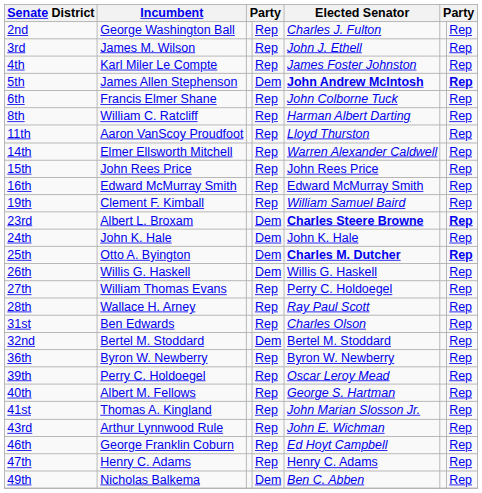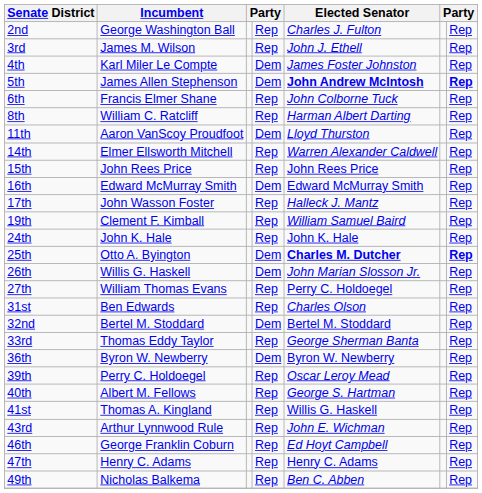 <table class="sortable wikitable" style="font-size:95%;line-height:14px;">
 <tr>
 <th class="unsortable"><a href='#'>Senate</a> District</th>
 <th class="unsortable"><a href='#'>Incumbent</a></th>
 <th colspan="2">Party</th>
 <th class="unsortable">Elected Senator</th>
 <th colspan="2">Party</th>
 </tr>
 <tr>
 <td><a href='#'>2nd</a></td>
 <td><a href='#'>George Washington Ball</a></td>
 <td style="background:"></td>
 <td><a href='#'>Rep</a></td>
 <td><em><a href='#'>Charles J. Fulton</a></em></td>
 <td style="background:"></td>
 <td><a href='#'>Rep</a></td>
 </tr>
 <tr>
 <td><a href='#'>3rd</a></td>
 <td><a href='#'>James M. Wilson</a></td>
 <td style="background:"></td>
 <td><a href='#'>Rep</a></td>
 <td><em><a href='#'>John J. Ethell</a></em></td>
 <td style="background:"></td>
 <td><a href='#'>Rep</a></td>
 </tr>
 <tr>
 <td><a href='#'>4th</a></td>
 <td><a href='#'>Karl Miler Le Compte</a></td>
 <td style="background:"></td>
-<td><a href='#'>Rep</a></td>
+<td><a href='#'>Dem</a></td>
 <td><em><a href='#'>James Foster Johnston</a></em></td>
 <td style="background:"></td>
 <td><a href='#'>Rep</a></td>
 </tr>
 <tr>
 <td><a href='#'>5th</a></td>
 <td><a href='#'>James Allen Stephenson</a></td>
 <td style="background:"></td>
 <td><a href='#'>Dem</a></td>
 <td><strong><a href='#'>John Andrew McIntosh</a></strong></td>
 <td style="background:"></td>
 <td><strong><a href='#'>Rep</a></strong></td>
 </tr>
 <tr>
 <td><a href='#'>6th</a></td>
 <td><a href='#'>Francis Elmer Shane</a></td>
 <td style="background:"></td>
 <td><a href='#'>Rep</a></td>
 <td><em><a href='#'>John Colborne Tuck</a></em></td>
 <td style="background:"></td>
 <td><a href='#'>Rep</a></td>
 </tr>
 <tr>
 <td><a href='#'>8th</a></td>
 <td><a href='#'>William C. Ratcliff</a></td>
 <td style="background:"></td>
 <td><a href='#'>Rep</a></td>
 <td><em><a href='#'>Harman Albert Darting</a></em></td>
 <td style="background:"></td>
 <td><a href='#'>Rep</a></td>
 </tr>
 <tr>
 <td><a href='#'>11th</a></td>
 <td><a href='#'>Aaron VanScoy Proudfoot</a></td>
 <td style="background:"></td>
-<td><a href='#'>Rep</a></td>
+<td><a href='#'>Dem</a></td>
 <td><em><a href='#'>Lloyd Thurston</a></em></td>
 <td style="background:"></td>
 <td><a href='#'>Rep</a></td>
 </tr>
 <tr>
 <td><a href='#'>14th</a></td>
 <td><a href='#'>Elmer Ellsworth Mitchell</a></td>
 <td style="background:"></td>
 <td><a href='#'>Rep</a></td>
 <td><em><a href='#'>Warren Alexander Caldwell</a></em></td>
 <td style="background:"></td>
 <td><a href='#'>Rep</a></td>
 </tr>
 <tr>
 <td><a href='#'>15th</a></td>
 <td><a href='#'>John Rees Price</a></td>
 <td style="background:"></td>
 <td><a href='#'>Rep</a></td>
 <td><a href='#'>John Rees Price</a></td>
 <td style="background:"></td>
 <td><a href='#'>Rep</a></td>
 </tr>
 <tr>
 <td><a href='#'>16th</a></td>
 <td><a href='#'>Edward McMurray Smith</a></td>
 <td style="background:"></td>
+<td><a href='#'>Dem</a></td>
+<td><a href='#'>Edward McMurray Smith</a></td>
+<td style="background:"></td>
 <td><a href='#'>Rep</a></td>
-<td><a href='#'>Edward McMurray Smith</a></td>
+</tr>
+<tr>
+<td><a href='#'>17th</a></td>
+<td><a href='#'>John Wasson Foster</a></td>
+<td style="background:"></td>
+<td><a href='#'>Rep</a></td>
+<td><em><a href='#'>Halleck J. Mantz</a></em></td>
 <td style="background:"></td>
 <td><a href='#'>Rep</a></td>
 </tr>
 <tr>
 <td><a href='#'>19th</a></td>
 <td><a href='#'>Clement F. Kimball</a></td>
 <td style="background:"></td>
 <td><a href='#'>Rep</a></td>
 <td><em><a href='#'>William Samuel Baird</a></em></td>
 <td style="background:"></td>
 <td><a href='#'>Rep</a></td>
 </tr>
 <tr>
-<td><a href='#'>23rd</a></td>
-<td><a href='#'>Albert L. Broxam</a></td>
-<td style="background:"></td>
-<td><a href='#'>Dem</a></td>
-<td><strong><a href='#'>Charles Steere Browne</a></strong></td>
-<td style="background:"></td>
-<td><strong><a href='#'>Rep</a></strong></td>
-</tr>
-<tr>
 <td><a href='#'>24th</a></td>
 <td><a href='#'>John K. Hale</a></td>
 <td style="background:"></td>
-<td><a href='#'>Dem</a></td>
+<td><a href='#'>Rep</a></td>
 <td><a href='#'>John K. Hale</a></td>
 <td style="background:"></td>
 <td><a href='#'>Rep</a></td>
 </tr>
 <tr>
 <td><a href='#'>25th</a></td>
 <td><a href='#'>Otto A. Byington</a></td>
 <td style="background:"></td>
 <td><a href='#'>Dem</a></td>
 <td><strong><a href='#'>Charles M. Dutcher</a></strong></td>
 <td style="background:"></td>
 <td><strong><a href='#'>Rep</a></strong></td>
 </tr>
 <tr>
 <td><a href='#'>26th</a></td>
 <td><a href='#'>Willis G. Haskell</a></td>
 <td style="background:"></td>
 <td><a href='#'>Dem</a></td>
-<td><a href='#'>Willis G. Haskell</a></td>
+<td><em><a href='#'>John Marian Slosson Jr.</a></em></td>
 <td style="background:"></td>
 <td><a href='#'>Rep</a></td>
 </tr>
 <tr>
 <td><a href='#'>27th</a></td>
 <td><a href='#'>William Thomas Evans</a></td>
 <td style="background:"></td>
 <td><a href='#'>Rep</a></td>
 <td><a href='#'>Perry C. Holdoegel</a></td>
-<td style="background:"></td>
-<td><a href='#'>Rep</a></td>
-</tr>
-<tr>
-<td><a href='#'>28th</a></td>
-<td><a href='#'>Wallace H. Arney</a></td>
-<td style="background:"></td>
-<td><a href='#'>Rep</a></td>
-<td><em><a href='#'>Ray Paul Scott</a></em></td>
 <td style="background:"></td>
 <td><a href='#'>Rep</a></td>
 </tr>
 <tr>
 <td><a href='#'>31st</a></td>
 <td><a href='#'>Ben Edwards</a></td>
 <td style="background:"></td>
 <td><a href='#'>Rep</a></td>
 <td><em><a href='#'>Charles Olson</a></em></td>
 <td style="background:"></td>
 <td><a href='#'>Rep</a></td>
 </tr>
 <tr>
 <td><a href='#'>32nd</a></td>
 <td><a href='#'>Bertel M. Stoddard</a></td>
 <td style="background:"></td>
 <td><a href='#'>Dem</a></td>
 <td><a href='#'>Bertel M. Stoddard</a></td>
 <td style="background:"></td>
 <td><a href='#'>Rep</a></td>
 </tr>
 <tr>
+<td><a href='#'>33rd</a></td>
+<td><a href='#'>Thomas Eddy Taylor</a></td>
+<td style="background:"></td>
+<td><a href='#'>Rep</a></td>
+<td><em><a href='#'>George Sherman Banta</a></em></td>
+<td style="background:"></td>
+<td><a href='#'>Rep</a></td>
+</tr>
+<tr>
 <td><a href='#'>36th</a></td>
 <td><a href='#'>Byron W. Newberry</a></td>
 <td style="background:"></td>
-<td><a href='#'>Rep</a></td>
+<td><a href='#'>Dem</a></td>
 <td><a href='#'>Byron W. Newberry</a></td>
 <td style="background:"></td>
 <td><a href='#'>Rep</a></td>
 </tr>
 <tr>
 <td><a href='#'>39th</a></td>
 <td><a href='#'>Perry C. Holdoegel</a></td>
 <td style="background:"></td>
 <td><a href='#'>Rep</a></td>
 <td><em><a href='#'>Oscar Leroy Mead</a></em></td>
 <td style="background:"></td>
 <td><a href='#'>Rep</a></td>
 </tr>
 <tr>
 <td><a href='#'>40th</a></td>
 <td><a href='#'>Albert M. Fellows</a></td>
 <td style="background:"></td>
 <td><a href='#'>Rep</a></td>
 <td><em><a href='#'>George S. Hartman</a></em></td>
 <td style="background:"></td>
 <td><a href='#'>Rep</a></td>
 </tr>
 <tr>
 <td><a href='#'>41st</a></td>
 <td><a href='#'>Thomas A. Kingland</a></td>
 <td style="background:"></td>
 <td><a href='#'>Rep</a></td>
-<td><em><a href='#'>John Marian Slosson Jr.</a></em></td>
+<td><a href='#'>Willis G. Haskell</a></td>
 <td style="background:"></td>
 <td><a href='#'>Rep</a></td>
 </tr>
 <tr>
 <td><a href='#'>43rd</a></td>
 <td><a href='#'>Arthur Lynnwood Rule</a></td>
 <td style="background:"></td>
 <td><a href='#'>Rep</a></td>
 <td><em><a href='#'>John E. Wichman</a></em></td>
 <td style="background:"></td>
 <td><a href='#'>Rep</a></td>
 </tr>
 <tr>
 <td><a href='#'>46th</a></td>
 <td><a href='#'>George Franklin Coburn</a></td>
 <td style="background:"></td>
 <td><a href='#'>Rep</a></td>
 <td><em><a href='#'>Ed Hoyt Campbell</a></em></td>
 <td style="background:"></td>
 <td><a href='#'>Rep</a></td>
 </tr>
 <tr>
 <td><a href='#'>47th</a></td>
 <td><a href='#'>Henry C. Adams</a></td>
 <td style="background:"></td>
 <td><a href='#'>Rep</a></td>
 <td><a href='#'>Henry C. Adams</a></td>
 <td style="background:"></td>
 <td><a href='#'>Rep</a></td>
 </tr>
 <tr>
 <td><a href='#'>49th</a></td>
 <td><a href='#'>Nicholas Balkema</a></td>
 <td style="background:"></td>
-<td><a href='#'>Dem</a></td>
+<td><a href='#'>Rep</a></td>
 <td><em><a href='#'>Ben C. Abben</a></em></td>
 <td style="background:"></td>
 <td><a href='#'>Rep</a></td>
 </tr>
 <tr>
 </tr>
 </table>
